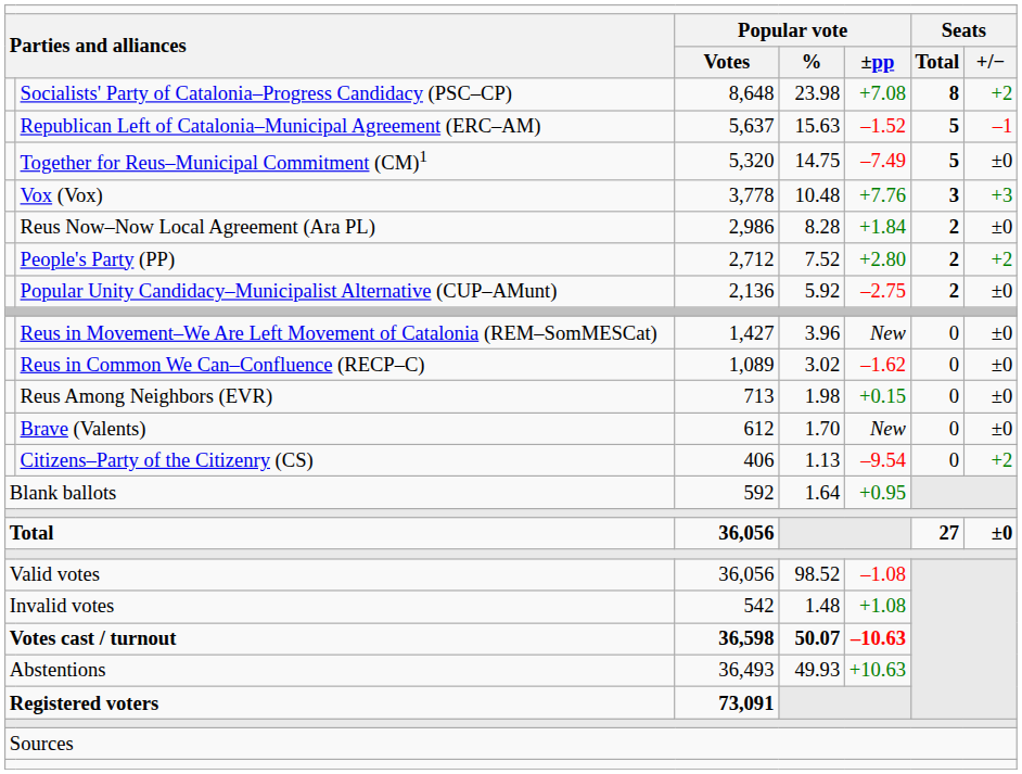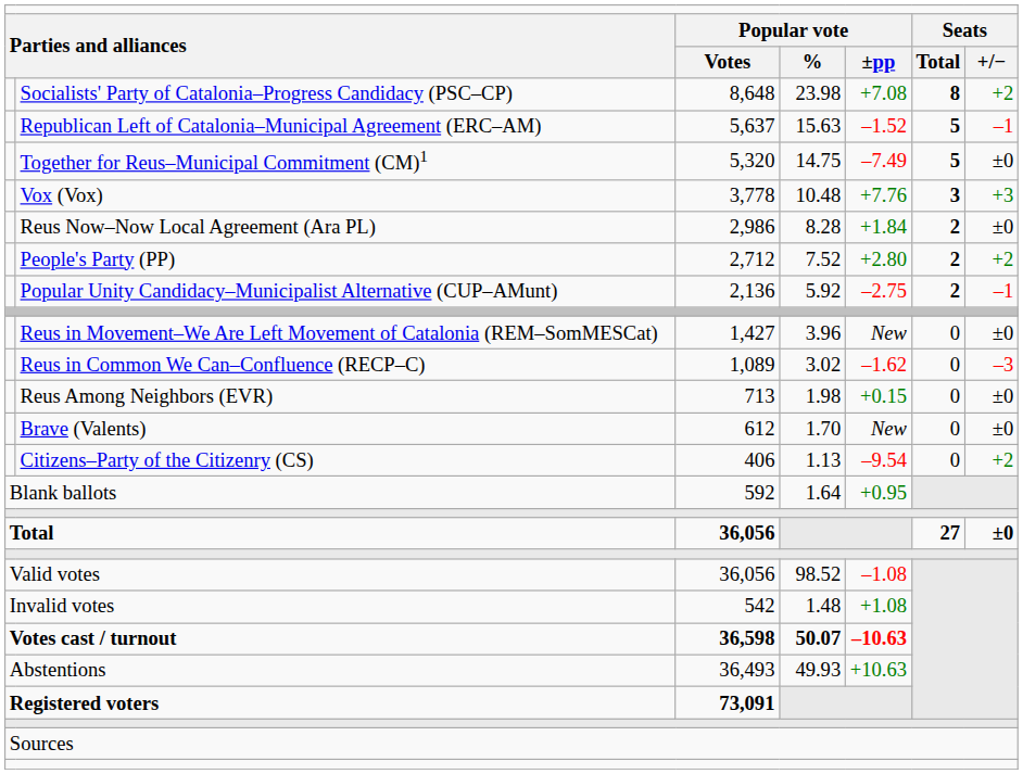 <table class="wikitable" style="text-align:right;">
 <tr>
 <td colspan="7"></td>
 </tr>
 <tr>
 <th style="text-align:left;" rowspan="2" colspan="2" width="525">Parties and alliances</th>
 <th colspan="3">Popular vote</th>
 <th colspan="2">Seats</th>
 </tr>
 <tr>
 <th width="75">Votes</th>
 <th width="45">%</th>
 <th width="45">±<a href='#'>pp</a></th>
 <th width="35">Total</th>
 <th width="35">+/−</th>
 </tr>
 <tr>
 <td width="1" style="color:inherit;background:"></td>
 <td align="left"><a href='#'>Socialists' Party of Catalonia–Progress Candidacy</a> (PSC–CP)</td>
 <td>8,648</td>
 <td>23.98</td>
 <td style="color:green;">+7.08</td>
 <td><strong>8</strong></td>
 <td style="color:green;">+2</td>
 </tr>
 <tr>
 <td style="color:inherit;background:"></td>
 <td align="left"><a href='#'>Republican Left of Catalonia–Municipal Agreement</a> (ERC–AM)</td>
 <td>5,637</td>
 <td>15.63</td>
 <td style="color:red;">–1.52</td>
 <td><strong>5</strong></td>
 <td style="color:red;">–1</td>
 </tr>
 <tr>
 <td style="color:inherit;background:"></td>
 <td align="left"><a href='#'>Together for Reus–Municipal Commitment</a> (CM)<sup>1</sup></td>
 <td>5,320</td>
 <td>14.75</td>
 <td style="color:red;">–7.49</td>
 <td><strong>5</strong></td>
 <td>±0</td>
 </tr>
 <tr>
 <td style="color:inherit;background:"></td>
 <td align="left"><a href='#'>Vox</a> (Vox)</td>
 <td>3,778</td>
 <td>10.48</td>
 <td style="color:green;">+7.76</td>
 <td><strong>3</strong></td>
 <td style="color:green;">+3</td>
 </tr>
 <tr>
 <td style="color:inherit;background:"></td>
 <td align="left">Reus Now–Now Local Agreement (Ara PL)</td>
 <td>2,986</td>
 <td>8.28</td>
 <td style="color:green;">+1.84</td>
 <td><strong>2</strong></td>
 <td>±0</td>
 </tr>
 <tr>
 <td style="color:inherit;background:"></td>
 <td align="left"><a href='#'>People's Party</a> (PP)</td>
 <td>2,712</td>
 <td>7.52</td>
 <td style="color:green;">+2.80</td>
 <td><strong>2</strong></td>
 <td style="color:green;">+2</td>
 </tr>
 <tr>
 <td style="color:inherit;background:"></td>
 <td align="left"><a href='#'>Popular Unity Candidacy–Municipalist Alternative</a> (CUP–AMunt)</td>
 <td>2,136</td>
 <td>5.92</td>
 <td style="color:red;">–2.75</td>
 <td><strong>2</strong></td>
-<td>±0</td>
+<td style="color:red;">–1</td>
 </tr>
 <tr>
 <td colspan="7" bgcolor="#C0C0C0"></td>
 </tr>
 <tr>
 <td style="color:inherit;background:"></td>
 <td align="left"><a href='#'>Reus in Movement–We Are Left Movement of Catalonia</a> (REM–SomMESCat)</td>
 <td>1,427</td>
 <td>3.96</td>
 <td><em>New</em></td>
 <td>0</td>
 <td>±0</td>
 </tr>
 <tr>
 <td style="color:inherit;background:"></td>
 <td align="left"><a href='#'>Reus in Common We Can–Confluence</a> (RECP–C)</td>
 <td>1,089</td>
 <td>3.02</td>
 <td style="color:red;">–1.62</td>
 <td>0</td>
-<td>±0</td>
+<td style="color:red;">–3</td>
 </tr>
 <tr>
 <td style="color:inherit;background:"></td>
 <td align="left">Reus Among Neighbors (EVR)</td>
 <td>713</td>
 <td>1.98</td>
 <td style="color:green;">+0.15</td>
 <td>0</td>
 <td>±0</td>
 </tr>
 <tr>
 <td style="color:inherit;background:"></td>
 <td align="left"><a href='#'>Brave</a> (Valents)</td>
 <td>612</td>
 <td>1.70</td>
 <td><em>New</em></td>
 <td>0</td>
 <td>±0</td>
 </tr>
 <tr>
 <td style="color:inherit;background:"></td>
 <td align="left"><a href='#'>Citizens–Party of the Citizenry</a> (CS)</td>
 <td>406</td>
 <td>1.13</td>
 <td style="color:red;">–9.54</td>
 <td>0</td>
 <td style="color:green;">+2</td>
 </tr>
 <tr>
 <td align="left" colspan="2">Blank ballots</td>
 <td>592</td>
 <td>1.64</td>
 <td style="color:green;">+0.95</td>
 <td bgcolor="#E9E9E9" colspan="2"></td>
 </tr>
 <tr>
 <td colspan="7" bgcolor="#E9E9E9"></td>
 </tr>
 <tr style="font-weight:bold;">
 <td align="left" colspan="2">Total</td>
 <td>36,056</td>
 <td bgcolor="#E9E9E9" colspan="2"></td>
 <td>27</td>
 <td>±0</td>
 </tr>
 <tr>
 <td colspan="7" bgcolor="#E9E9E9"></td>
 </tr>
 <tr>
 <td align="left" colspan="2">Valid votes</td>
 <td>36,056</td>
 <td>98.52</td>
 <td style="color:red;">–1.08</td>
 <td bgcolor="#E9E9E9" colspan="2" rowspan="5"></td>
 </tr>
 <tr>
 <td align="left" colspan="2">Invalid votes</td>
 <td>542</td>
 <td>1.48</td>
 <td style="color:green;">+1.08</td>
 </tr>
 <tr style="font-weight:bold;">
 <td align="left" colspan="2">Votes cast / turnout</td>
 <td>36,598</td>
 <td>50.07</td>
 <td style="color:red;">–10.63</td>
 </tr>
 <tr>
 <td align="left" colspan="2">Abstentions</td>
 <td>36,493</td>
 <td>49.93</td>
 <td style="color:green;">+10.63</td>
 </tr>
 <tr style="font-weight:bold;">
 <td align="left" colspan="2">Registered voters</td>
 <td>73,091</td>
 <td bgcolor="#E9E9E9" colspan="2"></td>
 </tr>
 <tr>
 <td colspan="7" bgcolor="#E9E9E9"></td>
 </tr>
 <tr>
 <td align="left" colspan="7">Sources</td>
 </tr>
 <tr>
 <td colspan="7" style="text-align:left; max-width:790px;"></td>
 </tr>
 </table>
